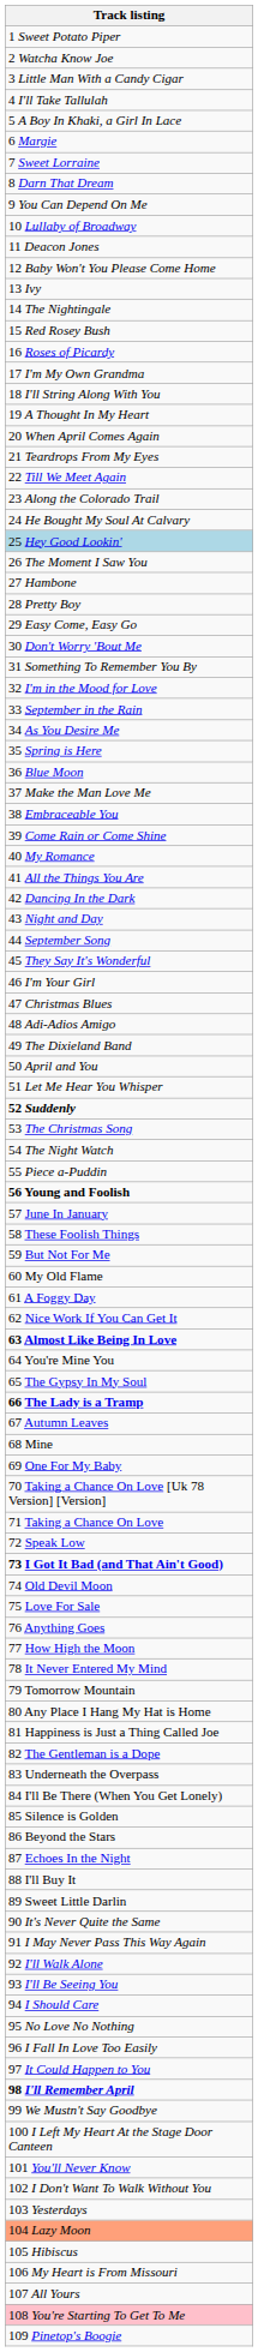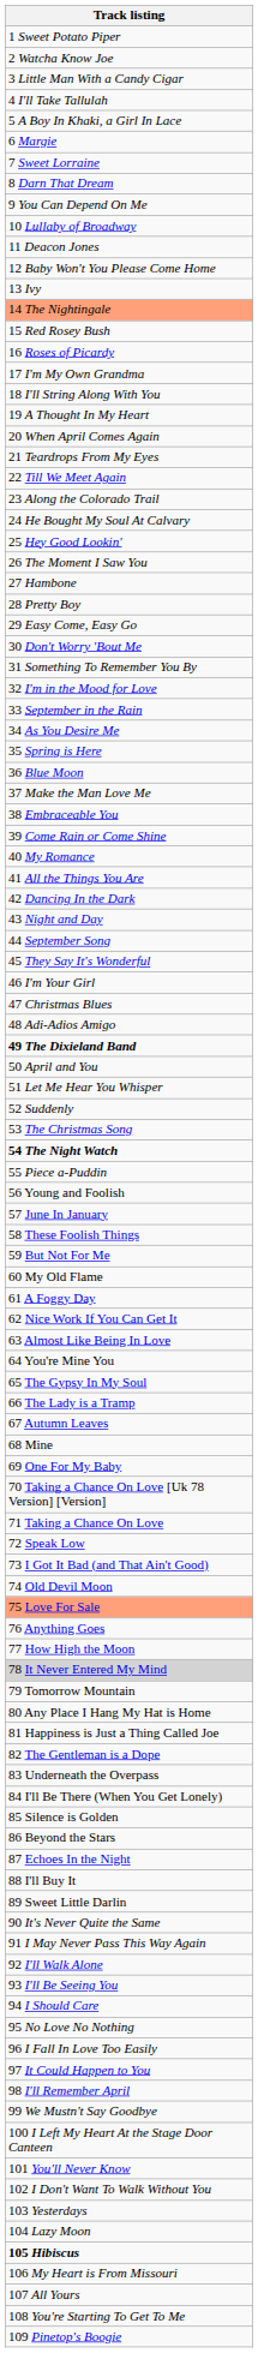 <table class="wikitable collapsible collapsed" style="width:300px;">
 <tr>
 <th>Track listing</th>
 </tr>
 <tr>
 <td>1 <em>Sweet Potato Piper</em></td>
 </tr>
 <tr>
 <td>2 <em>Watcha Know Joe</em></td>
 </tr>
 <tr>
 <td>3 <em>Little Man With a Candy Cigar</em></td>
 </tr>
 <tr>
 <td>4 <em>I'll Take Tallulah</em></td>
 </tr>
 <tr>
 <td>5 <em>A Boy In Khaki, a Girl In Lace</em></td>
 </tr>
 <tr>
 <td>6 <em><a href='#'>Margie</a></em></td>
 </tr>
 <tr>
 <td>7 <em><a href='#'>Sweet Lorraine</a></em></td>
 </tr>
 <tr>
 <td>8 <em><a href='#'>Darn That Dream</a></em></td>
 </tr>
 <tr>
 <td>9 <em>You Can Depend On Me</em></td>
 </tr>
 <tr>
 <td>10 <em><a href='#'>Lullaby of Broadway</a></em></td>
 </tr>
 <tr>
 <td>11 <em>Deacon Jones</em></td>
 </tr>
 <tr>
 <td>12 <em>Baby Won't You Please Come Home</em></td>
 </tr>
 <tr>
 <td>13 <em>Ivy</em></td>
 </tr>
 <tr>
-<td>14 <em>The Nightingale</em></td>
+<td style="background: lightsalmon;">14 <em>The Nightingale</em></td>
 </tr>
 <tr>
 <td>15 <em>Red Rosey Bush</em></td>
 </tr>
 <tr>
 <td>16 <em><a href='#'>Roses of Picardy</a></em></td>
 </tr>
 <tr>
 <td>17 <em>I'm My Own Grandma</em></td>
 </tr>
 <tr>
 <td>18 <em>I'll String Along With You</em></td>
 </tr>
 <tr>
 <td>19 <em>A Thought In My Heart</em></td>
 </tr>
 <tr>
 <td>20 <em>When April Comes Again</em></td>
 </tr>
 <tr>
 <td>21 <em>Teardrops From My Eyes</em></td>
 </tr>
 <tr>
 <td>22 <em><a href='#'>Till We Meet Again</a></em></td>
 </tr>
 <tr>
 <td>23 <em>Along the Colorado Trail</em></td>
 </tr>
 <tr>
 <td>24 <em>He Bought My Soul At Calvary</em></td>
 </tr>
 <tr>
-<td style="background: lightblue;">25 <em><a href='#'>Hey Good Lookin'</a></em></td>
+<td>25 <em><a href='#'>Hey Good Lookin'</a></em></td>
 </tr>
 <tr>
 <td>26 <em>The Moment I Saw You</em></td>
 </tr>
 <tr>
 <td>27 <em>Hambone</em></td>
 </tr>
 <tr>
 <td>28 <em>Pretty Boy</em></td>
 </tr>
 <tr>
 <td>29 <em>Easy Come, Easy Go</em></td>
 </tr>
 <tr>
 <td>30 <em><a href='#'>Don't Worry 'Bout Me</a></em></td>
 </tr>
 <tr>
 <td>31 <em>Something To Remember You By</em></td>
 </tr>
 <tr>
 <td>32 <em><a href='#'>I'm in the Mood for Love</a></em></td>
 </tr>
 <tr>
 <td>33 <em><a href='#'>September in the Rain</a></em></td>
 </tr>
 <tr>
 <td>34 <em><a href='#'>As You Desire Me</a></em></td>
 </tr>
 <tr>
 <td>35 <em><a href='#'>Spring is Here</a></em></td>
 </tr>
 <tr>
 <td>36 <em><a href='#'>Blue Moon</a></em></td>
 </tr>
 <tr>
 <td>37 <em>Make the Man Love Me</em></td>
 </tr>
 <tr>
 <td>38 <em><a href='#'>Embraceable You</a></em></td>
 </tr>
 <tr>
 <td>39 <em><a href='#'>Come Rain or Come Shine</a></em></td>
 </tr>
 <tr>
 <td>40 <em><a href='#'>My Romance</a></em></td>
 </tr>
 <tr>
 <td>41 <em><a href='#'>All the Things You Are</a></em></td>
 </tr>
 <tr>
 <td>42 <em><a href='#'>Dancing In the Dark</a></em></td>
 </tr>
 <tr>
 <td>43 <em><a href='#'>Night and Day</a></em></td>
 </tr>
 <tr>
 <td>44 <em><a href='#'>September Song</a></em></td>
 </tr>
 <tr>
 <td>45 <em><a href='#'>They Say It's Wonderful</a></em></td>
 </tr>
 <tr>
 <td>46 <em>I'm Your Girl</em></td>
 </tr>
 <tr>
 <td>47 <em>Christmas Blues</em></td>
 </tr>
 <tr>
 <td>48 <em>Adi-Adios Amigo</em></td>
 </tr>
 <tr>
-<td>49 <em>The Dixieland Band</em></td>
+<td><strong>49 <em>The Dixieland Band</em></strong></td>
 </tr>
 <tr>
 <td>50 <em>April and You</em></td>
 </tr>
 <tr>
 <td>51 <em>Let Me Hear You Whisper</em></td>
 </tr>
 <tr>
-<td><strong>52 <em>Suddenly</em></strong></td>
+<td>52 <em>Suddenly</em></td>
 </tr>
 <tr>
 <td>53 <em><a href='#'>The Christmas Song</a></em></td>
 </tr>
 <tr>
-<td>54 <em>The Night Watch</em></td>
+<td><strong>54 <em>The Night Watch</em></strong></td>
 </tr>
 <tr>
 <td>55 <em>Piece a-Puddin<strong></td>
 </tr>
 <tr>
-<td><strong>56 </em>Young and Foolish<em></strong></td>
+<td>56 </em>Young and Foolish<em></td>
 </tr>
 <tr>
 <td>57 </em><a href='#'>June In January</a><em></td>
 </tr>
 <tr>
 <td>58 </em><a href='#'>These Foolish Things</a><em></td>
 </tr>
 <tr>
 <td>59 </em><a href='#'>But Not For Me</a><em></td>
 </tr>
 <tr>
 <td>60 </em>My Old Flame<em></td>
 </tr>
 <tr>
 <td>61 </em><a href='#'>A Foggy Day</a><em></td>
 </tr>
 <tr>
 <td>62 </em><a href='#'>Nice Work If You Can Get It</a><em></td>
 </tr>
 <tr>
-<td><strong>63 </em><a href='#'>Almost Like Being In Love</a><em></strong></td>
+<td>63 </em><a href='#'>Almost Like Being In Love</a><em></td>
 </tr>
 <tr>
 <td>64 </em>You're Mine You<em></td>
 </tr>
 <tr>
 <td>65 </em><a href='#'>The Gypsy In My Soul</a><em></td>
 </tr>
 <tr>
-<td><strong>66 </em><a href='#'>The Lady is a Tramp</a><em></strong></td>
+<td>66 </em><a href='#'>The Lady is a Tramp</a><em></td>
 </tr>
 <tr>
 <td>67 </em><a href='#'>Autumn Leaves</a><em></td>
 </tr>
 <tr>
 <td>68 </em>Mine<em></td>
 </tr>
 <tr>
 <td>69 </em><a href='#'>One For My Baby</a><em></td>
 </tr>
 <tr>
 <td>70 </em><a href='#'>Taking a Chance On Love</a> [Uk 78 Version] [Version]<em></td>
 </tr>
 <tr>
 <td>71 </em><a href='#'>Taking a Chance On Love</a><em></td>
 </tr>
 <tr>
 <td>72 </em><a href='#'>Speak Low</a><em></td>
 </tr>
 <tr>
-<td><strong>73 </em><a href='#'>I Got It Bad (and That Ain't Good)</a><em></strong></td>
+<td>73 </em><a href='#'>I Got It Bad (and That Ain't Good)</a><em></td>
 </tr>
 <tr>
 <td>74 </em><a href='#'>Old Devil Moon</a><em></td>
 </tr>
 <tr>
-<td>75 </em><a href='#'>Love For Sale</a><em></td>
+<td style="background: lightsalmon;">75 </em><a href='#'>Love For Sale</a><em></td>
 </tr>
 <tr>
 <td>76 </em><a href='#'>Anything Goes</a><em></td>
 </tr>
 <tr>
 <td>77 </em><a href='#'>How High the Moon</a><em></td>
 </tr>
 <tr>
-<td>78 </em><a href='#'>It Never Entered My Mind</a><em></td>
+<td style="background: lightgrey;">78 </em><a href='#'>It Never Entered My Mind</a><em></td>
 </tr>
 <tr>
 <td>79 </em>Tomorrow Mountain<em></td>
 </tr>
 <tr>
 <td>80 </em>Any Place I Hang My Hat is Home<em></td>
 </tr>
 <tr>
 <td>81 </em>Happiness is Just a Thing Called Joe<em></td>
 </tr>
 <tr>
 <td>82 </em><a href='#'>The Gentleman is a Dope</a><em></td>
 </tr>
 <tr>
 <td>83 </em>Underneath the Overpass<em></td>
 </tr>
 <tr>
 <td>84 </em>I'll Be There (When You Get Lonely)<em></td>
 </tr>
 <tr>
 <td>85 </em>Silence is Golden<em></td>
 </tr>
 <tr>
 <td>86 </em>Beyond the Stars<em></td>
 </tr>
 <tr>
 <td>87 </em><a href='#'>Echoes In the Night</a><em></td>
 </tr>
 <tr>
 <td>88 </em>I'll Buy It<em></td>
 </tr>
 <tr>
 <td>89 </em>Sweet Little Darlin</strong></td>
 </tr>
 <tr>
 <td>90 <em>It's Never Quite the Same</em></td>
 </tr>
 <tr>
 <td>91 <em>I May Never Pass This Way Again</em></td>
 </tr>
 <tr>
 <td>92 <em><a href='#'>I'll Walk Alone</a></em></td>
 </tr>
 <tr>
 <td>93 <em><a href='#'>I'll Be Seeing You</a></em></td>
 </tr>
 <tr>
 <td>94 <em><a href='#'>I Should Care</a></em></td>
 </tr>
 <tr>
 <td>95 <em>No Love No Nothing</em></td>
 </tr>
 <tr>
 <td>96 <em>I Fall In Love Too Easily</em></td>
 </tr>
 <tr>
 <td>97 <em><a href='#'>It Could Happen to You</a></em></td>
 </tr>
 <tr>
-<td><strong>98 <em><a href='#'>I'll Remember April</a></em></strong></td>
+<td>98 <em><a href='#'>I'll Remember April</a></em></td>
 </tr>
 <tr>
 <td>99 <em>We Mustn't Say Goodbye</em></td>
 </tr>
 <tr>
 <td>100 <em>I Left My Heart At the Stage Door Canteen</em></td>
 </tr>
 <tr>
 <td>101 <em><a href='#'>You'll Never Know</a></em></td>
 </tr>
 <tr>
 <td>102 <em>I Don't Want To Walk Without You</em></td>
 </tr>
 <tr>
 <td>103 <em>Yesterdays</em></td>
 </tr>
 <tr>
-<td style="background: lightsalmon;">104 <em>Lazy Moon</em></td>
+<td>104 <em>Lazy Moon</em></td>
 </tr>
 <tr>
-<td>105 <em>Hibiscus</em></td>
+<td><strong>105 <em>Hibiscus</em></strong></td>
 </tr>
 <tr>
 <td>106 <em>My Heart is From Missouri</em></td>
 </tr>
 <tr>
 <td>107 <em>All Yours</em></td>
 </tr>
 <tr>
-<td style="background: pink;">108 <em>You're Starting To Get To Me</em></td>
+<td>108 <em>You're Starting To Get To Me</em></td>
 </tr>
 <tr>
 <td>109 <em><a href='#'>Pinetop's Boogie</a></em></td>
 </tr>
 </table>
